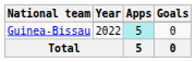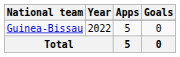 <table class="wikitable" style="text-align:center">
 <tr>
 <th>National team</th>
 <th>Year</th>
 <th>Apps</th>
 <th>Goals</th>
 </tr>
 <tr>
 <td rowspan="2"><a href='#'>Guinea-Bissau</a></td>
 </tr>
 <tr>
 <td>2022</td>
-<td style="background: paleturquoise;">5</td>
+<td>5</td>
 <td>0</td>
 </tr>
 <tr>
 <th colspan=2>Total</th>
 <th>5</th>
 <th>0</th>
 </tr>
 </table>
